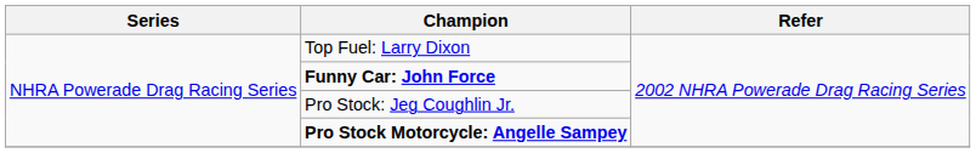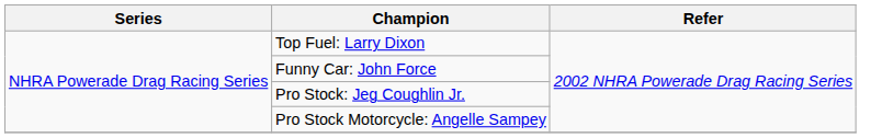 <table class="wikitable" style="font-size:87%;">
 <tr>
 <th>Series</th>
 <th>Champion</th>
 <th>Refer</th>
 </tr>
 <tr>
 <td rowspan=4><a href='#'>NHRA Powerade Drag Racing Series</a></td>
 <td>Top Fuel:  <a href='#'>Larry Dixon</a></td>
 <td rowspan=4><em><a href='#'>2002 NHRA Powerade Drag Racing Series</a></em></td>
 </tr>
 <tr>
-<td><strong>Funny Car:  <a href='#'>John Force</a></strong></td>
+<td>Funny Car:  <a href='#'>John Force</a></td>
 </tr>
 <tr>
 <td>Pro Stock:  <a href='#'>Jeg Coughlin Jr.</a></td>
 </tr>
 <tr>
-<td><strong>Pro Stock Motorcycle:  <a href='#'>Angelle Sampey</a></strong></td>
+<td>Pro Stock Motorcycle:  <a href='#'>Angelle Sampey</a></td>
 </tr>
 <tr>
 </tr>
 </table>
